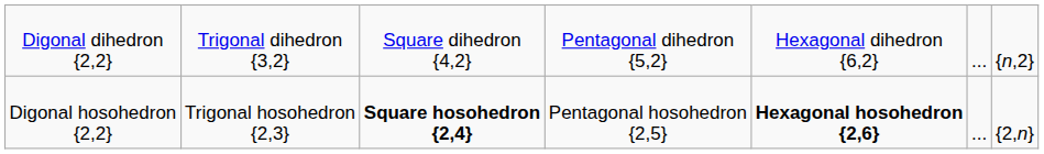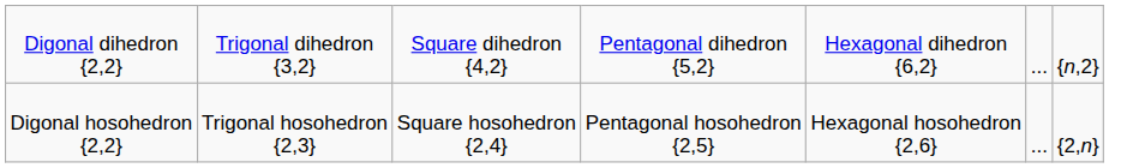 <table class=wikitable>
 <tr align=center valign=bottom>
 <td><br><a href='#'>Digonal</a> dihedron<br>{2,2}</td>
 <td><br><a href='#'>Trigonal</a> dihedron<br>{3,2}</td>
 <td><br><a href='#'>Square</a> dihedron<br>{4,2}</td>
 <td><br><a href='#'>Pentagonal</a> dihedron<br>{5,2}</td>
 <td><br><a href='#'>Hexagonal</a> dihedron<br>{6,2}</td>
 <td>...</td>
 <td>{<em>n</em>,2}</td>
 </tr>
 <tr align=center valign=bottom>
 <td><br>Digonal hosohedron<br>{2,2}</td>
 <td><br>Trigonal hosohedron<br>{2,3}</td>
-<td><strong><br>Square hosohedron<br>{2,4}</strong></td>
+<td><br>Square hosohedron<br>{2,4}</td>
 <td><br>Pentagonal hosohedron<br>{2,5}</td>
-<td><strong><br>Hexagonal hosohedron<br>{2,6}</strong></td>
+<td><br>Hexagonal hosohedron<br>{2,6}</td>
 <td>...</td>
 <td>{2,<em>n</em>}</td>
 </tr>
 </table>
